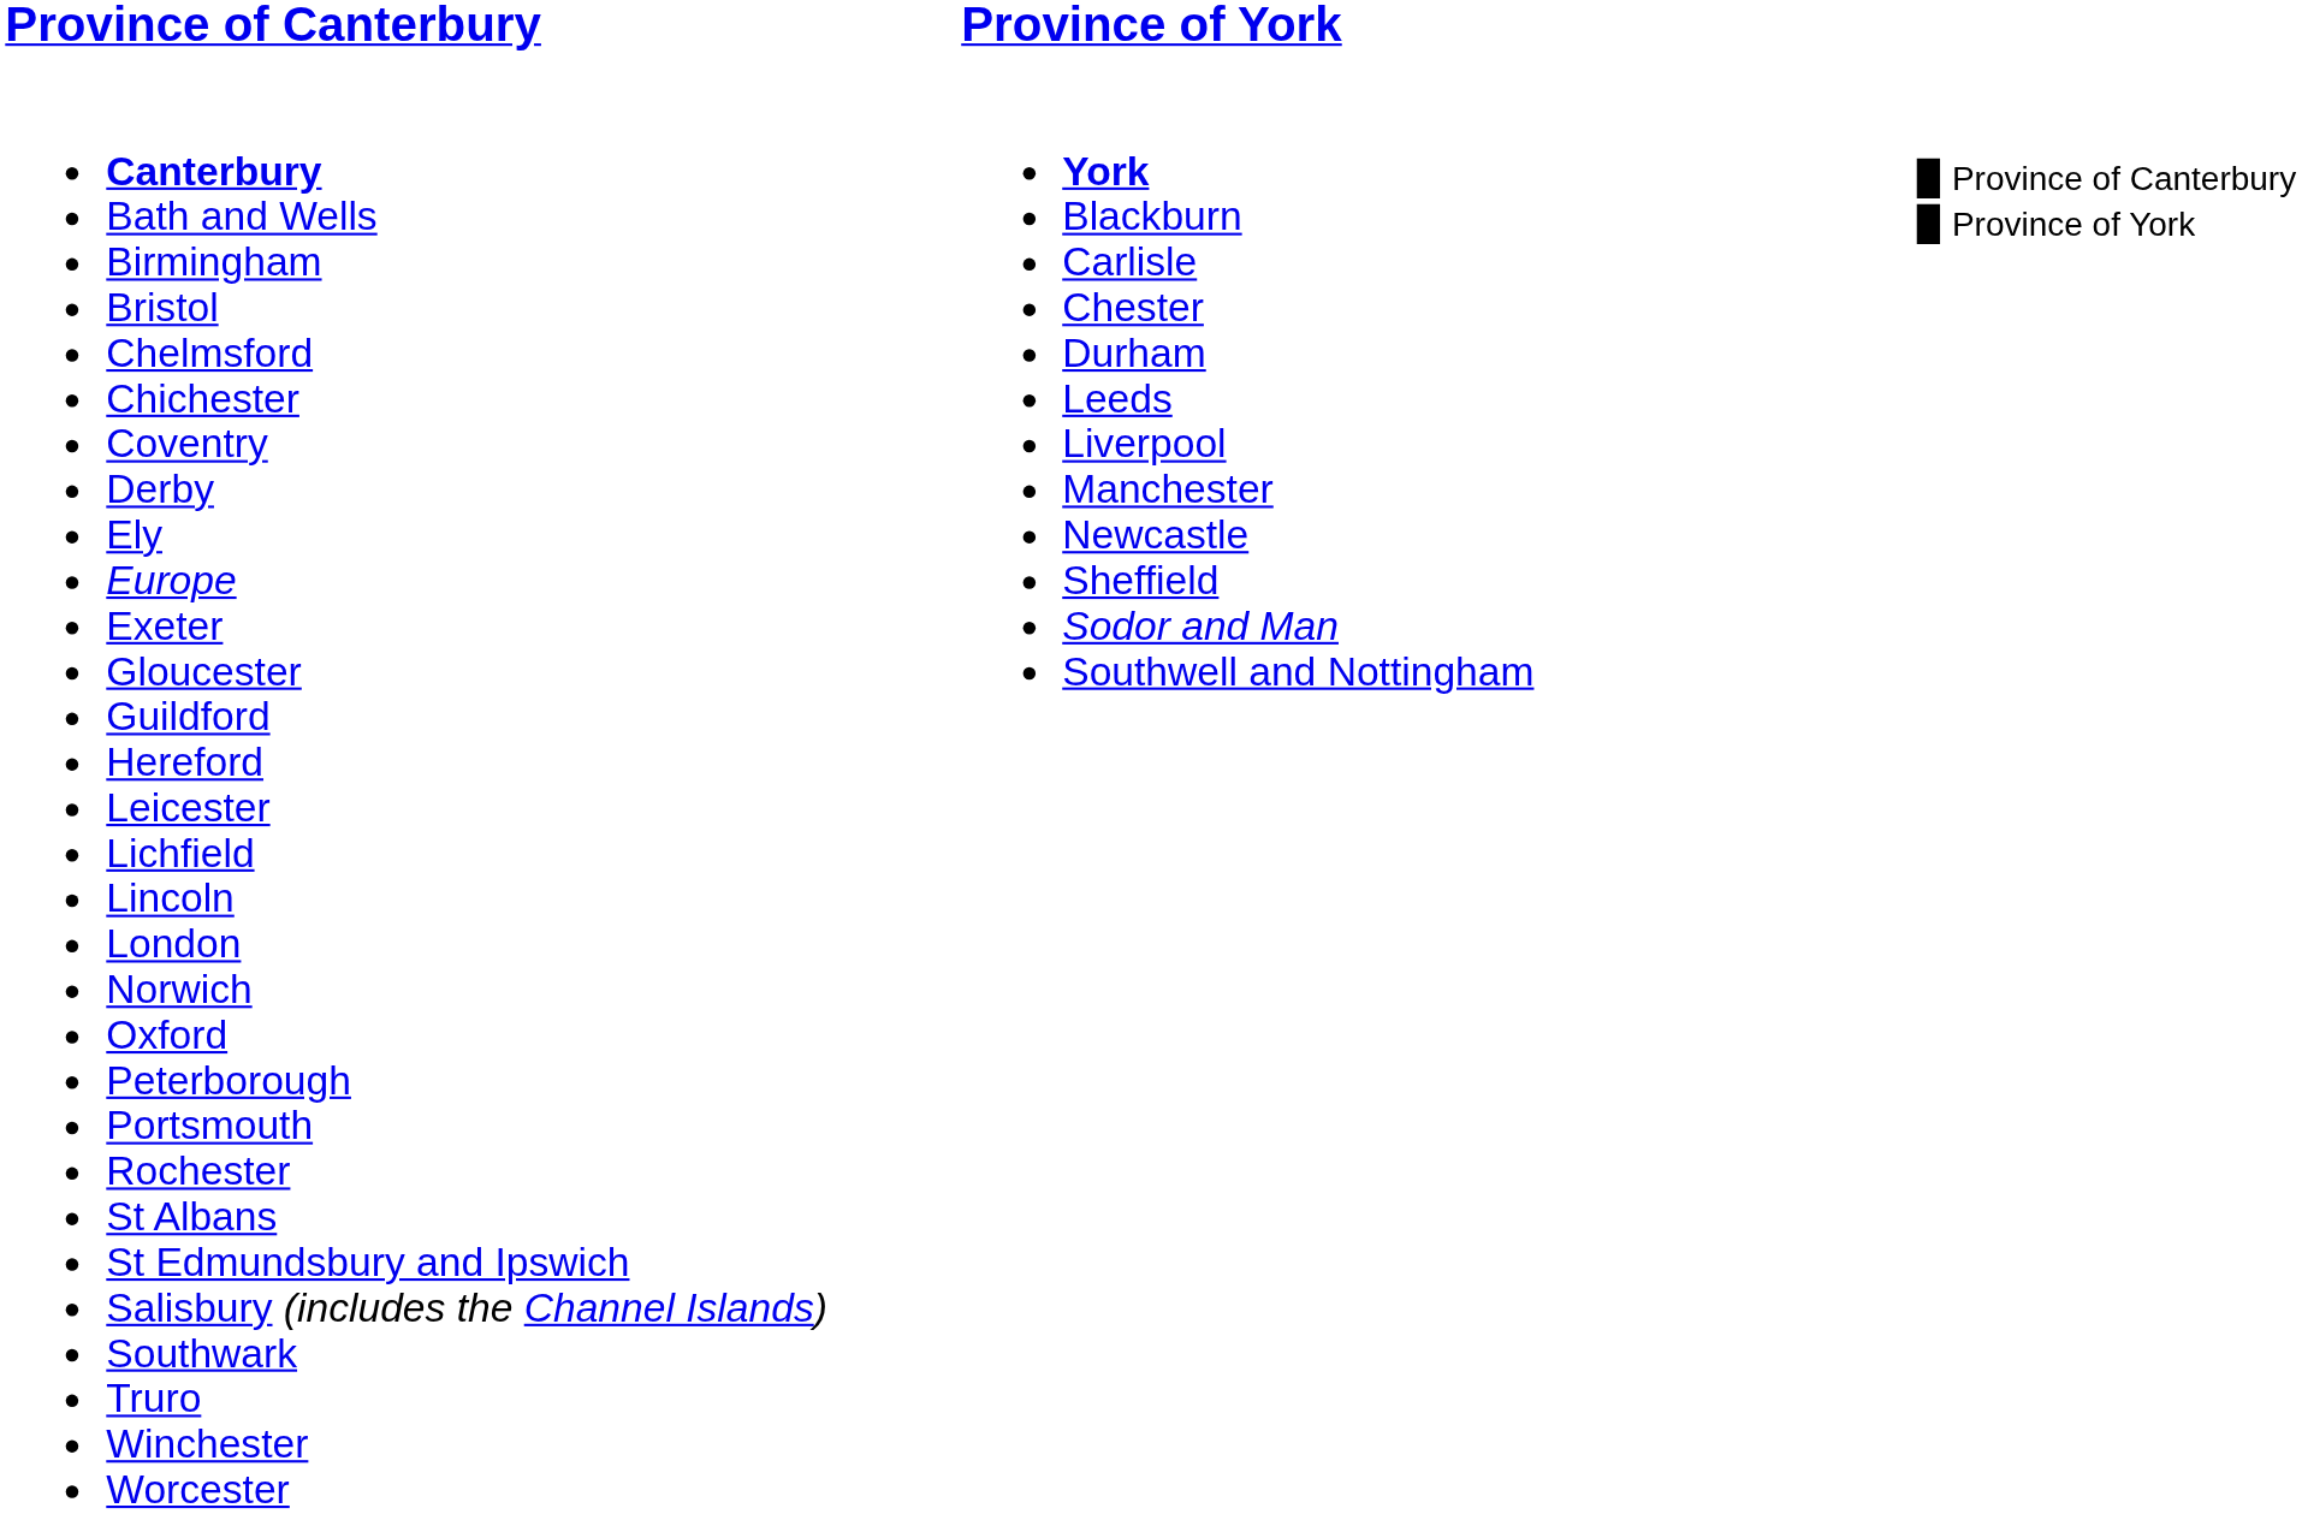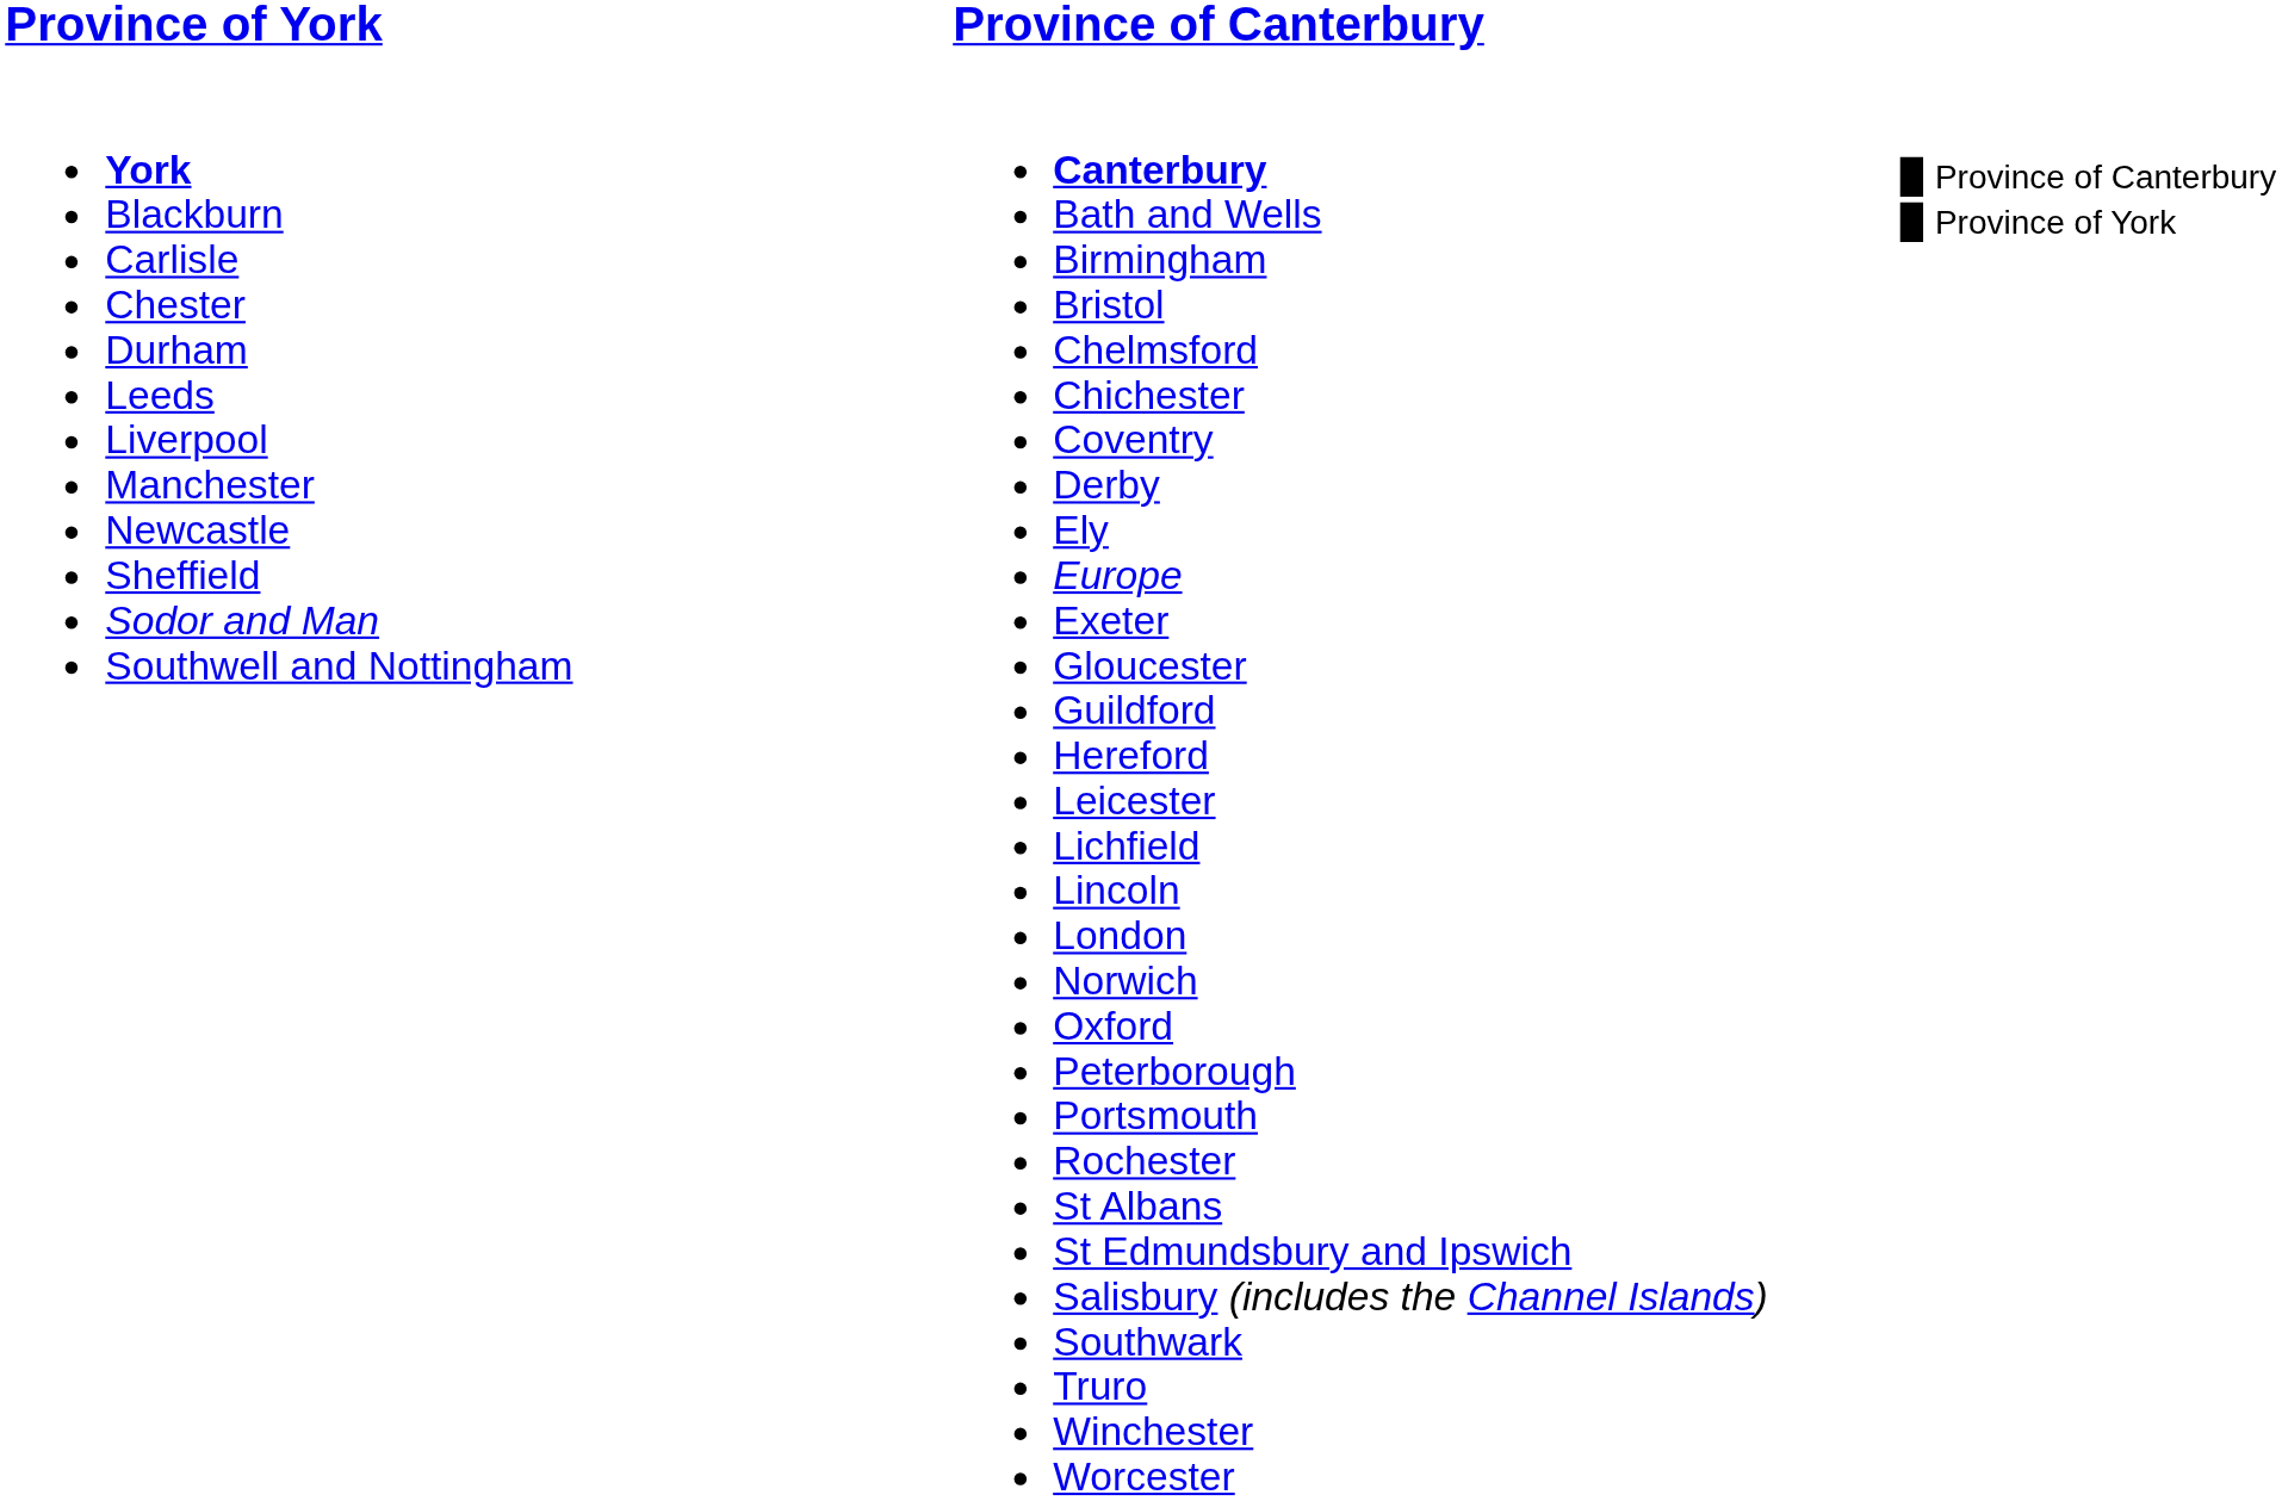 <table style="width:90%">
 <tr>
+<th style="text-align:left;"><big><a href='#'>Province of York</a></big></th>
 <th style="text-align:left;"><big><a href='#'>Province of Canterbury</a></big></th>
-<th style="text-align:left;"><big><a href='#'>Province of York</a></big></th>
 <th></th>
 </tr>
 <tr>
+<td width="33%" valign="top"><br><ul><li><strong><a href='#'>York</a></strong></li><li><a href='#'>Blackburn</a></li><li><a href='#'>Carlisle</a></li><li><a href='#'>Chester</a></li><li><a href='#'>Durham</a></li><li><a href='#'>Leeds</a></li><li><a href='#'>Liverpool</a></li><li><a href='#'>Manchester</a></li><li><a href='#'>Newcastle</a></li><li><a href='#'>Sheffield</a></li><li><em><a href='#'>Sodor and Man</a></em></li><li><a href='#'>Southwell and Nottingham</a></li></ul></td>
 <td width="33%" valign="top"><br><ul><li><strong><a href='#'>Canterbury</a></strong></li><li><a href='#'>Bath and Wells</a></li><li><a href='#'>Birmingham</a></li><li><a href='#'>Bristol</a></li><li><a href='#'>Chelmsford</a></li><li><a href='#'>Chichester</a></li><li><a href='#'>Coventry</a></li><li><a href='#'>Derby</a></li><li><a href='#'>Ely</a></li><li><em><a href='#'>Europe</a></em></li><li><a href='#'>Exeter</a></li><li><a href='#'>Gloucester</a></li><li><a href='#'>Guildford</a></li><li><a href='#'>Hereford</a></li><li><a href='#'>Leicester</a></li><li><a href='#'>Lichfield</a></li><li><a href='#'>Lincoln</a></li><li><a href='#'>London</a></li><li><a href='#'>Norwich</a></li><li><a href='#'>Oxford</a></li><li><a href='#'>Peterborough</a></li><li><a href='#'>Portsmouth</a></li><li><a href='#'>Rochester</a></li><li><a href='#'>St Albans</a></li><li><a href='#'>St Edmundsbury and Ipswich</a></li><li><a href='#'>Salisbury</a> <em>(includes the <a href='#'>Channel Islands</a>)</em></li><li><a href='#'>Southwark</a></li><li><a href='#'>Truro</a></li><li><a href='#'>Winchester</a></li><li><a href='#'>Worcester</a></li></ul></td>
-<td width="33%" valign="top"><br><ul><li><strong><a href='#'>York</a></strong></li><li><a href='#'>Blackburn</a></li><li><a href='#'>Carlisle</a></li><li><a href='#'>Chester</a></li><li><a href='#'>Durham</a></li><li><a href='#'>Leeds</a></li><li><a href='#'>Liverpool</a></li><li><a href='#'>Manchester</a></li><li><a href='#'>Newcastle</a></li><li><a href='#'>Sheffield</a></li><li><em><a href='#'>Sodor and Man</a></em></li><li><a href='#'>Southwell and Nottingham</a></li></ul></td>
 <td width="33%" valign="top"><br><br><small><span>▉</span> Province of Canterbury<br><span>▉</span> Province of York<br></small><br></td>
 </tr>
 </table>
